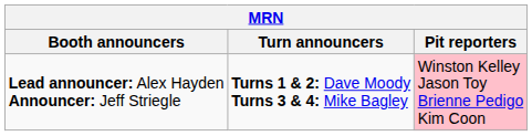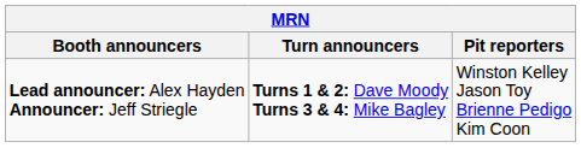 <table class="wikitable" style="font-size: 95%">
 <tr>
 <th colspan="3"><a href='#'>MRN</a></th>
 </tr>
 <tr>
 <th>Booth announcers</th>
 <th>Turn announcers</th>
 <th>Pit reporters</th>
 </tr>
 <tr>
 <td><strong>Lead announcer:</strong> Alex Hayden<br><strong>Announcer:</strong> Jeff Striegle</td>
 <td><strong>Turns 1 & 2: </strong><a href='#'>Dave Moody</a><br><strong>Turns 3 & 4: </strong><a href='#'>Mike Bagley</a></td>
-<td style="background: pink;">Winston Kelley<br>Jason Toy<br><a href='#'>Brienne Pedigo</a><br>Kim Coon</td>
+<td>Winston Kelley<br>Jason Toy<br><a href='#'>Brienne Pedigo</a><br>Kim Coon</td>
 </tr>
 </table>
